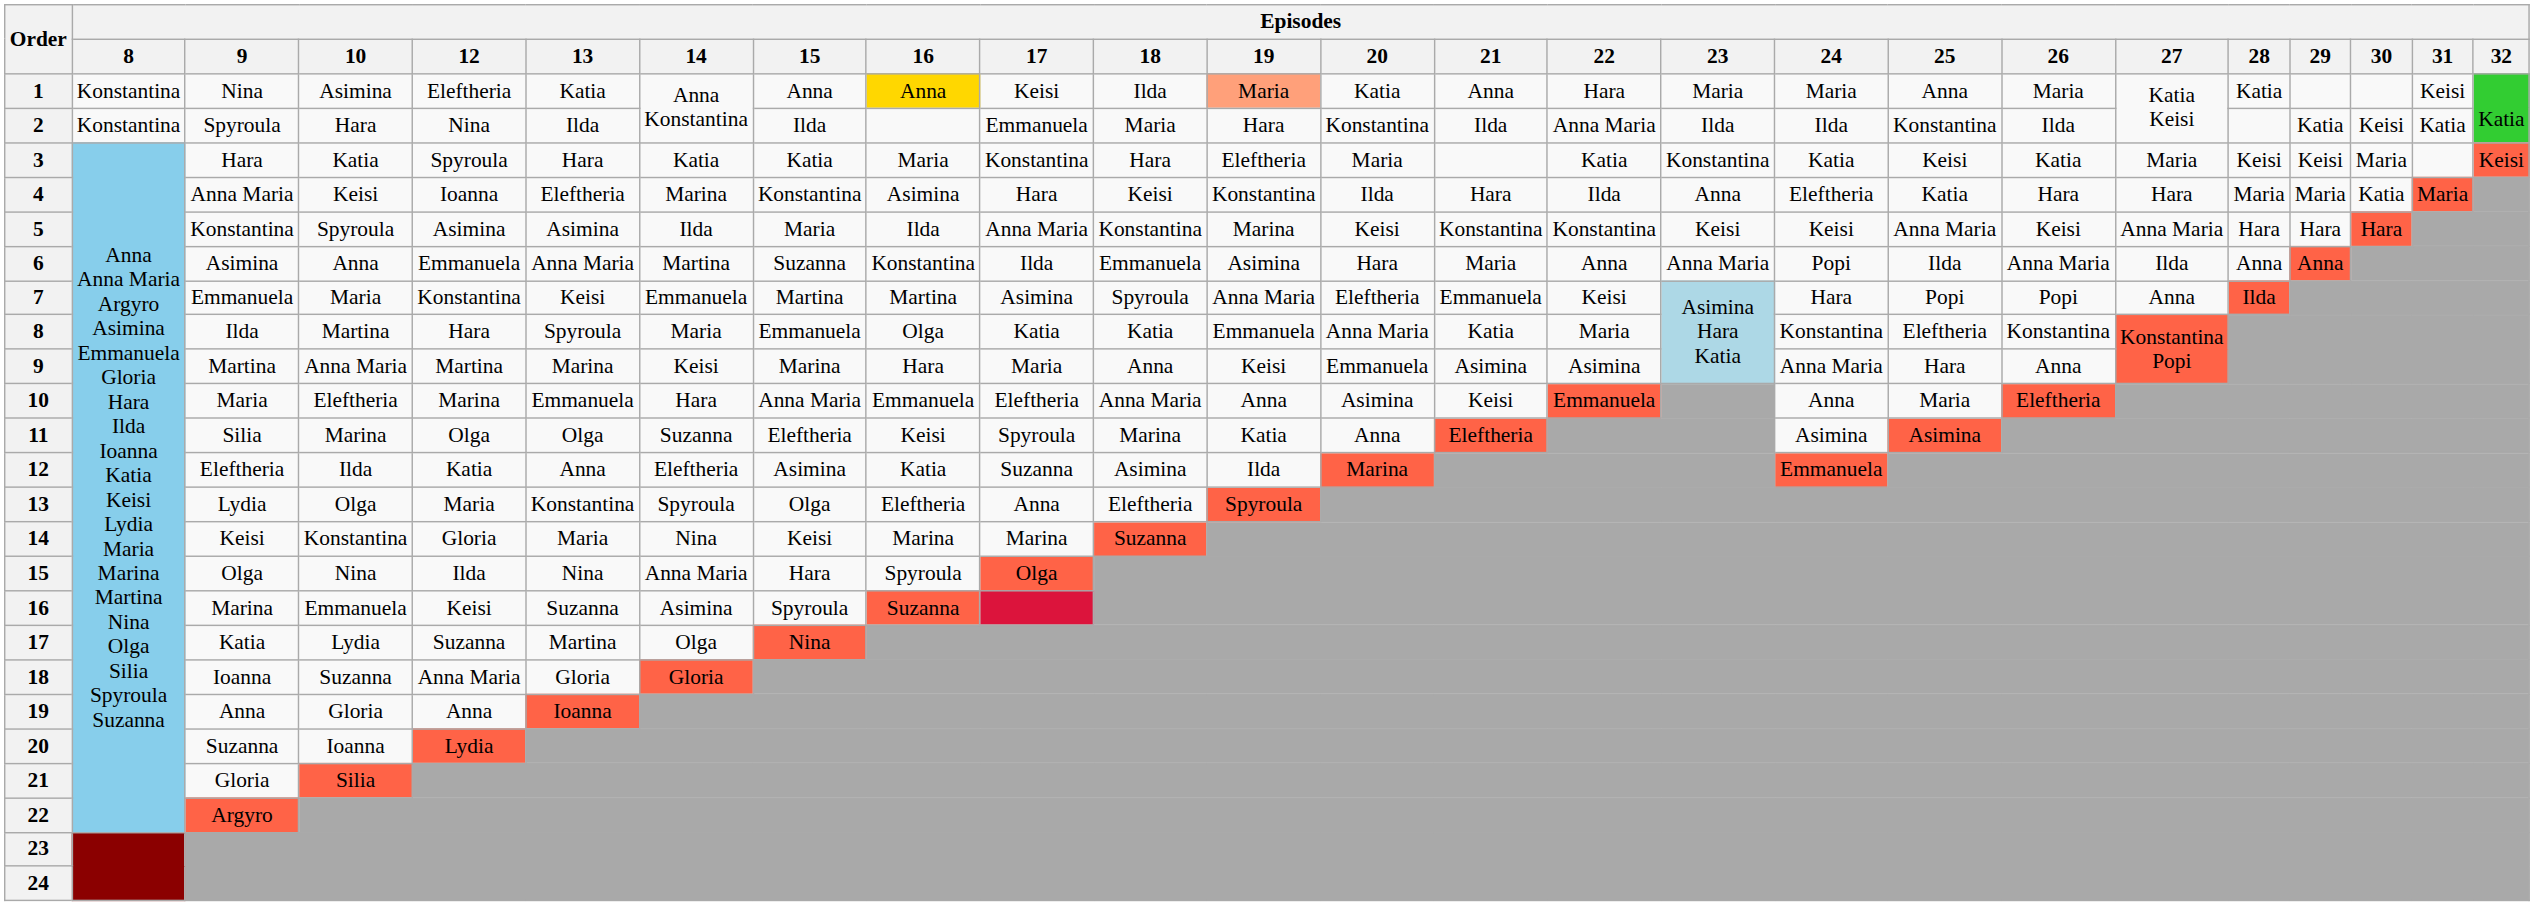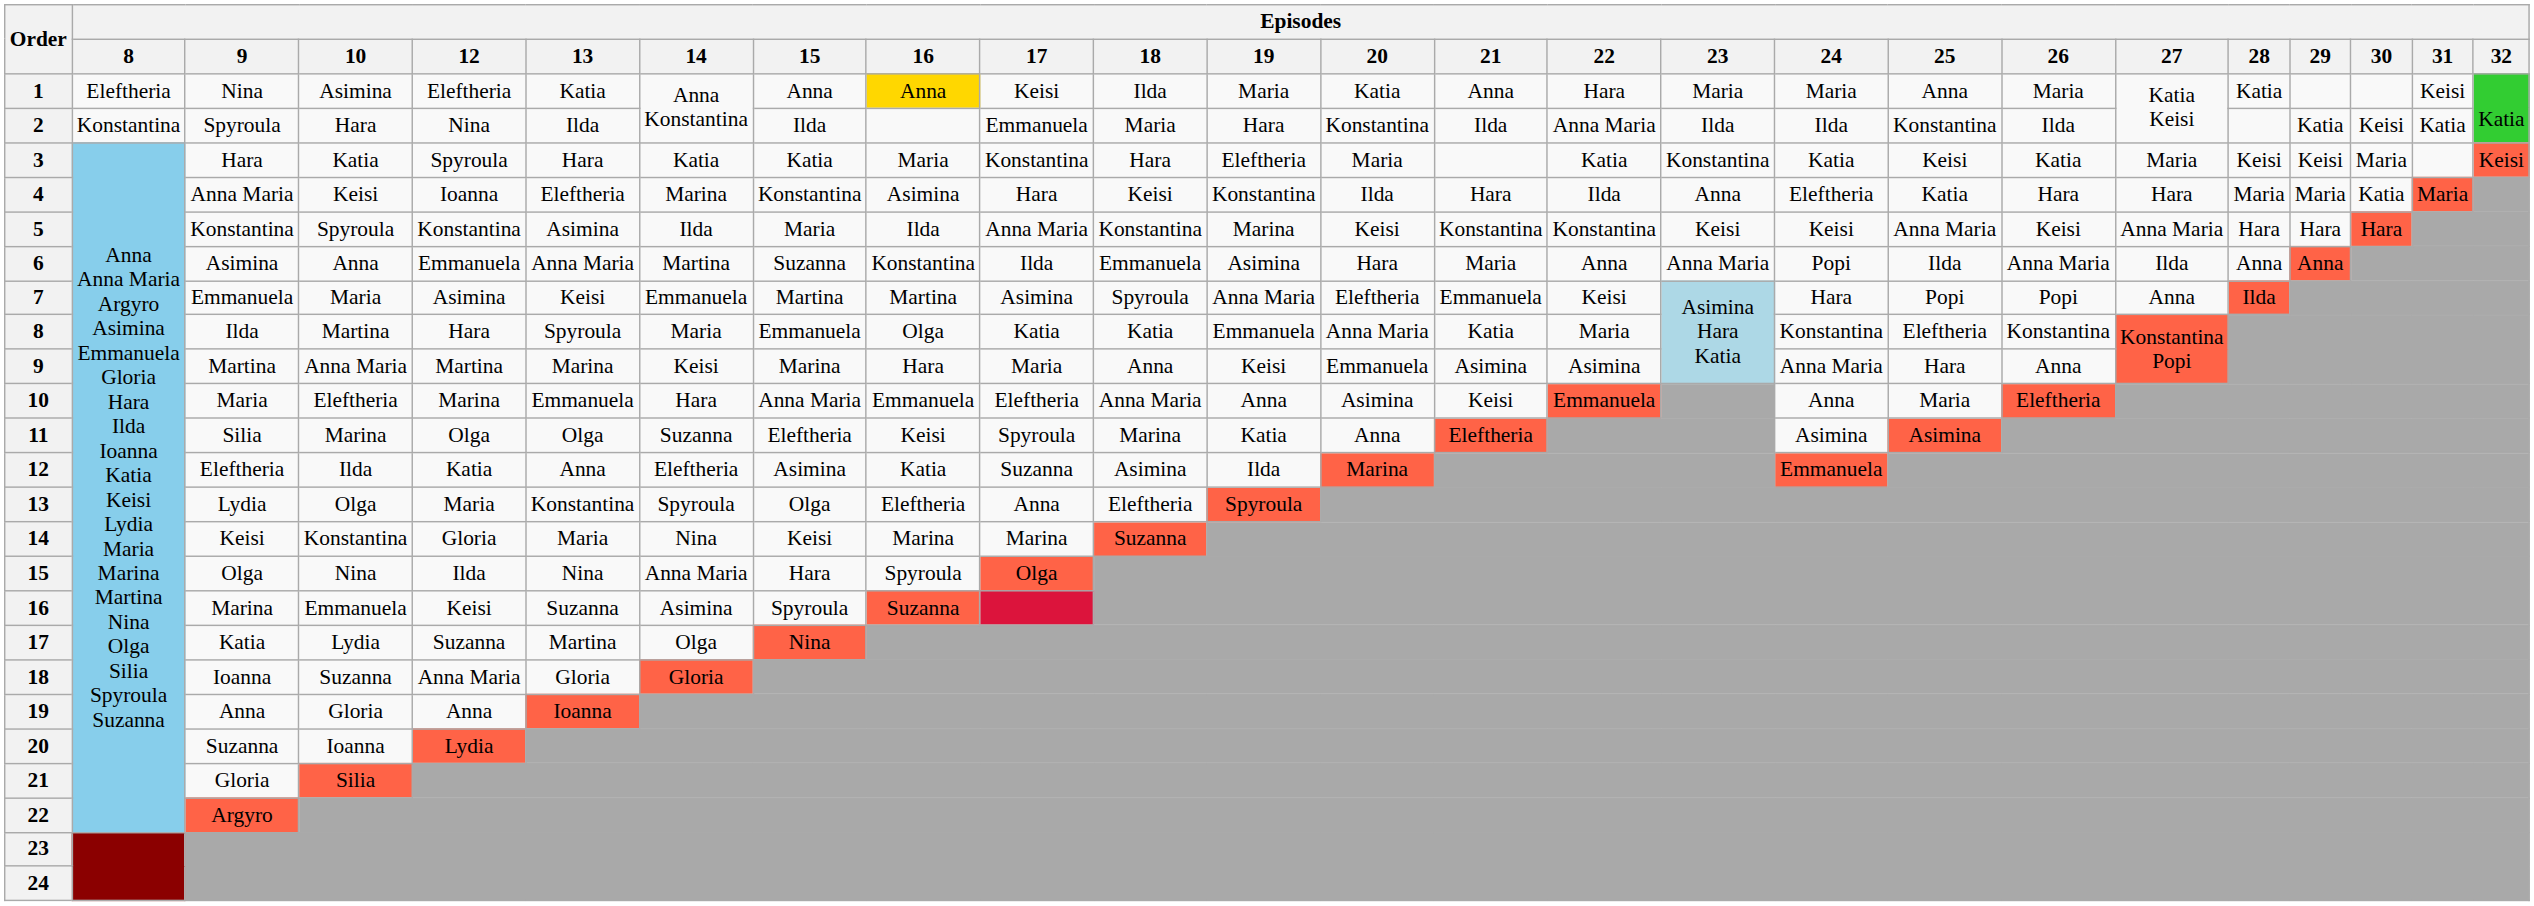 <table class="wikitable" style="text-align:center; font-size:93%;">
 <tr>
 <th rowspan=2>Order</th>
 <th colspan=24>Episodes</th>
 </tr>
 <tr>
 <th>8</th>
 <th>9</th>
 <th>10</th>
 <th>12</th>
 <th>13</th>
 <th>14</th>
 <th>15</th>
 <th>16</th>
 <th>17</th>
 <th>18</th>
 <th>19</th>
 <th>20</th>
 <th>21</th>
 <th>22</th>
 <th>23</th>
 <th>24</th>
 <th>25</th>
 <th>26</th>
 <th>27</th>
 <th>28</th>
 <th>29</th>
 <th>30</th>
 <th>31</th>
 <th>32</th>
 </tr>
 <tr>
 <th>1</th>
-<td>Konstantina</td>
+<td>Eleftheria</td>
 <td>Nina</td>
 <td>Asimina</td>
 <td>Eleftheria</td>
 <td>Katia</td>
 <td rowspan="2">Anna<br>Konstantina</td>
 <td>Anna</td>
 <td bgcolor="gold">Anna</td>
 <td>Keisi</td>
 <td>Ilda</td>
-<td style="background: lightsalmon;">Maria</td>
+<td>Maria</td>
 <td>Katia</td>
 <td>Anna</td>
 <td>Hara</td>
 <td>Maria</td>
 <td>Maria</td>
 <td>Anna</td>
 <td>Maria</td>
 <td rowspan="2">Katia<br>Keisi</td>
 <td>Katia</td>
 <td></td>
 <td></td>
 <td>Keisi</td>
 <td rowspan="2" bgcolor="limegreen"> <br> Katia</td>
 </tr>
 <tr>
 <th>2</th>
 <td>Konstantina</td>
 <td>Spyroula</td>
 <td>Hara</td>
 <td>Nina</td>
 <td>Ilda</td>
 <td>Ilda</td>
 <td></td>
 <td>Emmanuela</td>
 <td>Maria</td>
 <td>Hara</td>
 <td>Konstantina</td>
 <td>Ilda</td>
 <td>Anna Maria</td>
 <td>Ilda</td>
 <td>Ilda</td>
 <td>Konstantina</td>
 <td>Ilda</td>
 <td></td>
 <td>Katia</td>
 <td>Keisi</td>
 <td>Katia</td>
 </tr>
 <tr>
 <th>3</th>
 <td rowspan="20" bgcolor="skyblue">Anna<br>Anna Maria<br>Argyro<br>Asimina<br>Emmanuela<br>Gloria<br>Hara<br>Ilda<br>Ioanna<br>Katia<br>Keisi<br>Lydia<br>Maria<br>Marina<br>Martina<br>Nina<br>Olga<br>Silia<br>Spyroula<br>Suzanna</td>
 <td>Hara</td>
 <td>Katia</td>
 <td>Spyroula</td>
 <td>Hara</td>
 <td>Katia</td>
 <td>Katia</td>
 <td>Maria</td>
 <td>Konstantina</td>
 <td>Hara</td>
 <td>Eleftheria</td>
 <td>Maria</td>
 <td></td>
 <td>Katia</td>
 <td>Konstantina</td>
 <td>Katia</td>
 <td>Keisi</td>
 <td>Katia</td>
 <td>Maria</td>
 <td>Keisi</td>
 <td>Keisi</td>
 <td>Maria</td>
 <td></td>
 <td bgcolor="tomato">Keisi</td>
 </tr>
 <tr>
 <th>4</th>
 <td>Anna Maria</td>
 <td>Keisi</td>
 <td>Ioanna</td>
 <td>Eleftheria</td>
 <td>Marina</td>
 <td>Konstantina</td>
 <td>Asimina</td>
 <td>Hara</td>
 <td>Keisi</td>
 <td>Konstantina</td>
 <td>Ilda</td>
 <td>Hara</td>
 <td>Ilda</td>
 <td>Anna</td>
 <td>Eleftheria</td>
 <td>Katia</td>
 <td>Hara</td>
 <td>Hara</td>
 <td>Maria</td>
 <td>Maria</td>
 <td>Katia</td>
 <td bgcolor="tomato">Maria</td>
 <td colspan=1 bgcolor="darkgrey"></td>
 </tr>
 <tr>
 <th>5</th>
 <td>Konstantina</td>
 <td>Spyroula</td>
-<td>Asimina</td>
+<td>Konstantina</td>
 <td>Asimina</td>
 <td>Ilda</td>
 <td>Maria</td>
 <td>Ilda</td>
 <td>Anna Maria</td>
 <td>Konstantina</td>
 <td>Marina</td>
 <td>Keisi</td>
 <td>Konstantina</td>
 <td>Konstantina</td>
 <td>Keisi</td>
 <td>Keisi</td>
 <td>Anna Maria</td>
 <td>Keisi</td>
 <td>Anna Maria</td>
 <td>Hara</td>
 <td>Hara</td>
 <td bgcolor="tomato">Hara</td>
 <td colspan=2 bgcolor="darkgrey"></td>
 </tr>
 <tr>
 <th>6</th>
 <td>Asimina</td>
 <td>Anna</td>
 <td>Emmanuela</td>
 <td>Anna Maria</td>
 <td>Martina</td>
 <td>Suzanna</td>
 <td>Konstantina</td>
 <td>Ilda</td>
 <td>Emmanuela</td>
 <td>Asimina</td>
 <td>Hara</td>
 <td>Maria</td>
 <td>Anna</td>
 <td>Anna Maria</td>
 <td>Popi</td>
 <td>Ilda</td>
 <td>Anna Maria</td>
 <td>Ilda</td>
 <td>Anna</td>
 <td bgcolor="tomato">Anna</td>
 <td colspan=3 bgcolor="darkgrey"></td>
 </tr>
 <tr>
 <th>7</th>
 <td>Emmanuela</td>
 <td>Maria</td>
-<td>Konstantina</td>
+<td>Asimina</td>
 <td>Keisi</td>
 <td>Emmanuela</td>
 <td>Martina</td>
 <td>Martina</td>
 <td>Asimina</td>
 <td>Spyroula</td>
 <td>Anna Maria</td>
 <td>Eleftheria</td>
 <td>Emmanuela</td>
 <td>Keisi</td>
 <td rowspan="3" bgcolor="lightblue">Asimina<br>Hara<br>Katia</td>
 <td>Hara</td>
 <td>Popi</td>
 <td>Popi</td>
 <td>Anna</td>
 <td bgcolor="tomato">Ilda</td>
 <td colspan=4 bgcolor="darkgrey"></td>
 </tr>
 <tr>
 <th>8</th>
 <td>Ilda</td>
 <td>Martina</td>
 <td>Hara</td>
 <td>Spyroula</td>
 <td>Maria</td>
 <td>Emmanuela</td>
 <td>Olga</td>
 <td>Katia</td>
 <td>Katia</td>
 <td>Emmanuela</td>
 <td>Anna Maria</td>
 <td>Katia</td>
 <td>Maria</td>
 <td>Konstantina</td>
 <td>Eleftheria</td>
 <td>Konstantina</td>
 <td rowspan="2" bgcolor="tomato">Konstantina<br>Popi</td>
 <td rowspan="2" colspan=5 bgcolor="darkgrey"></td>
 </tr>
 <tr>
 <th>9</th>
 <td>Martina</td>
 <td>Anna Maria</td>
 <td>Martina</td>
 <td>Marina</td>
 <td>Keisi</td>
 <td>Marina</td>
 <td>Hara</td>
 <td>Maria</td>
 <td>Anna</td>
 <td>Keisi</td>
 <td>Emmanuela</td>
 <td>Asimina</td>
 <td>Asimina</td>
 <td>Anna Maria</td>
 <td>Hara</td>
 <td>Anna</td>
 </tr>
 <tr>
 <th>10</th>
 <td>Maria</td>
 <td>Eleftheria</td>
 <td>Marina</td>
 <td>Emmanuela</td>
 <td>Hara</td>
 <td>Anna Maria</td>
 <td>Emmanuela</td>
 <td>Eleftheria</td>
 <td>Anna Maria</td>
 <td>Anna</td>
 <td>Asimina</td>
 <td>Keisi</td>
 <td bgcolor="tomato">Emmanuela</td>
 <td colspan=1 bgcolor="darkgrey"></td>
 <td>Anna</td>
 <td>Maria</td>
 <td bgcolor="tomato">Eleftheria</td>
 <td colspan=10 bgcolor="darkgrey"></td>
 </tr>
 <tr>
 <th>11</th>
 <td>Silia</td>
 <td>Marina</td>
 <td>Olga</td>
 <td>Olga</td>
 <td>Suzanna</td>
 <td>Eleftheria</td>
 <td>Keisi</td>
 <td>Spyroula</td>
 <td>Marina</td>
 <td>Katia</td>
 <td>Anna</td>
 <td bgcolor="tomato">Eleftheria</td>
 <td colspan=2 bgcolor="darkgrey"></td>
 <td>Asimina</td>
 <td bgcolor="tomato">Asimina</td>
 <td colspan=10 bgcolor="darkgrey"></td>
 </tr>
 <tr>
 <th>12</th>
 <td>Eleftheria</td>
 <td>Ilda</td>
 <td>Katia</td>
 <td>Anna</td>
 <td>Eleftheria</td>
 <td>Asimina</td>
 <td>Katia</td>
 <td>Suzanna</td>
 <td>Asimina</td>
 <td>Ilda</td>
 <td bgcolor="tomato">Marina</td>
 <td colspan=3 bgcolor="darkgrey"></td>
 <td bgcolor="tomato">Emmanuela</td>
 <td colspan=10 bgcolor="darkgrey"></td>
 </tr>
 <tr>
 <th>13</th>
 <td>Lydia</td>
 <td>Olga</td>
 <td>Maria</td>
 <td>Konstantina</td>
 <td>Spyroula</td>
 <td>Olga</td>
 <td>Eleftheria</td>
 <td>Anna</td>
 <td>Eleftheria</td>
 <td bgcolor="tomato">Spyroula</td>
 <td colspan=24 bgcolor="darkgrey"></td>
 </tr>
 <tr>
 <th>14</th>
 <td>Keisi</td>
 <td>Konstantina</td>
 <td>Gloria</td>
 <td>Maria</td>
 <td>Nina</td>
 <td>Keisi</td>
 <td>Marina</td>
 <td>Marina</td>
 <td bgcolor="tomato">Suzanna</td>
 <td colspan=24 bgcolor="darkgrey"></td>
 </tr>
 <tr>
 <th>15</th>
 <td>Olga</td>
 <td>Nina</td>
 <td>Ilda</td>
 <td>Nina</td>
 <td>Anna Maria</td>
 <td>Hara</td>
 <td>Spyroula</td>
 <td bgcolor="tomato">Olga</td>
 <td rowspan="2" colspan=24 bgcolor="darkgrey"></td>
 </tr>
 <tr>
 <th>16</th>
 <td>Marina</td>
 <td>Emmanuela</td>
 <td>Keisi</td>
 <td>Suzanna</td>
 <td>Asimina</td>
 <td>Spyroula</td>
 <td bgcolor="tomato">Suzanna</td>
 <td bgcolor="crimson"></td>
 </tr>
 <tr>
 <th>17</th>
 <td>Katia</td>
 <td>Lydia</td>
 <td>Suzanna</td>
 <td>Martina</td>
 <td>Olga</td>
 <td bgcolor="tomato">Nina</td>
 <td colspan=24 bgcolor="darkgrey"></td>
 </tr>
 <tr>
 <th>18</th>
 <td>Ioanna</td>
 <td>Suzanna</td>
 <td>Anna Maria</td>
 <td>Gloria</td>
 <td bgcolor="tomato">Gloria</td>
 <td colspan=24 bgcolor="darkgrey"></td>
 </tr>
 <tr>
 <th>19</th>
 <td>Anna</td>
 <td>Gloria</td>
 <td>Anna</td>
 <td bgcolor="tomato">Ioanna</td>
 <td colspan=24 bgcolor="darkgrey"></td>
 </tr>
 <tr>
 <th>20</th>
 <td>Suzanna</td>
 <td>Ioanna</td>
 <td bgcolor="tomato">Lydia</td>
 <td colspan=24 bgcolor="darkgrey"></td>
 </tr>
 <tr>
 <th>21</th>
 <td>Gloria</td>
 <td bgcolor="tomato">Silia</td>
 <td colspan="24" bgcolor="darkgrey"></td>
 </tr>
 <tr>
 <th>22</th>
 <td bgcolor="tomato">Argyro</td>
 <td colspan="24" bgcolor="darkgrey"></td>
 </tr>
 <tr>
 <th>23</th>
 <td rowspan="2" bgcolor="darkred"></td>
 <td rowspan="2" colspan="24" bgcolor="darkgrey"></td>
 </tr>
 <tr>
 <th>24</th>
 </tr>
 </table>
